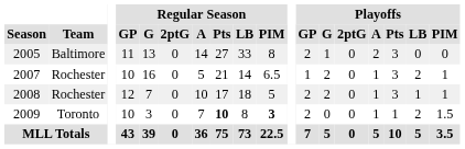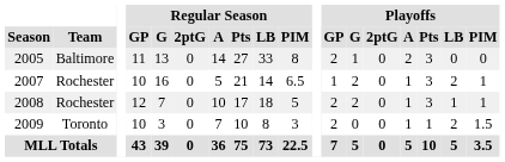 <table BORDER="0" CELLPADDING="3" CELLSPACING="0">
 <tr ALIGN="center" bgcolor="#e0e0e0">
 <th colspan="2" bgcolor="#ffffff"> </th>
 <th rowspan="99" bgcolor="#ffffff"> </th>
 <th colspan="7">Regular Season</th>
 <th rowspan="99" bgcolor="#ffffff"> </th>
 <th colspan="7">Playoffs</th>
 </tr>
 <tr ALIGN="center" bgcolor="#e0e0e0">
 <th>Season</th>
 <th>Team</th>
 <th>GP</th>
 <th>G</th>
 <th>2ptG</th>
 <th>A</th>
 <th>Pts</th>
 <th>LB</th>
 <th>PIM</th>
 <th>GP</th>
 <th>G</th>
 <th>2ptG</th>
 <th>A</th>
 <th>Pts</th>
 <th>LB</th>
 <th>PIM</th>
 </tr>
 <tr ALIGN="center" bgcolor="#f0f0f0">
 <td>2005</td>
 <td>Baltimore</td>
 <td>11</td>
 <td>13</td>
 <td>0</td>
 <td>14</td>
 <td>27</td>
 <td>33</td>
 <td>8</td>
 <td>2</td>
 <td>1</td>
 <td>0</td>
 <td>2</td>
 <td>3</td>
 <td>0</td>
 <td>0</td>
 </tr>
 <tr ALIGN="center">
 <td>2007</td>
 <td>Rochester</td>
 <td>10</td>
 <td>16</td>
 <td>0</td>
 <td>5</td>
 <td>21</td>
 <td>14</td>
 <td>6.5</td>
 <td>1</td>
 <td>2</td>
 <td>0</td>
 <td>1</td>
 <td>3</td>
 <td>2</td>
 <td>1</td>
 </tr>
 <tr ALIGN="center" bgcolor="#f0f0f0">
 <td>2008</td>
 <td>Rochester</td>
 <td>12</td>
 <td>7</td>
 <td>0</td>
 <td>10</td>
 <td>17</td>
 <td>18</td>
 <td>5</td>
 <td>2</td>
 <td>2</td>
 <td>0</td>
 <td>1</td>
 <td>3</td>
 <td>1</td>
 <td>1</td>
 </tr>
 <tr ALIGN="center">
 <td>2009</td>
 <td>Toronto</td>
 <td>10</td>
 <td>3</td>
 <td>0</td>
 <td>7</td>
-<td><strong>10</strong></td>
+<td>10</td>
 <td>8</td>
-<td><strong>3</strong></td>
+<td>3</td>
 <td>2</td>
 <td>0</td>
 <td>0</td>
 <td>1</td>
 <td>1</td>
 <td>2</td>
 <td>1.5</td>
 </tr>
 <tr ALIGN="center" bgcolor="#e0e0e0">
 <th colspan="2">MLL Totals</th>
 <th>43</th>
 <th>39</th>
 <th>0</th>
 <th>36</th>
 <th>75</th>
 <th>73</th>
 <th>22.5</th>
 <th>7</th>
 <th>5</th>
 <th>0</th>
 <th>5</th>
 <th>10</th>
 <th>5</th>
 <th>3.5</th>
 </tr>
 </table>
